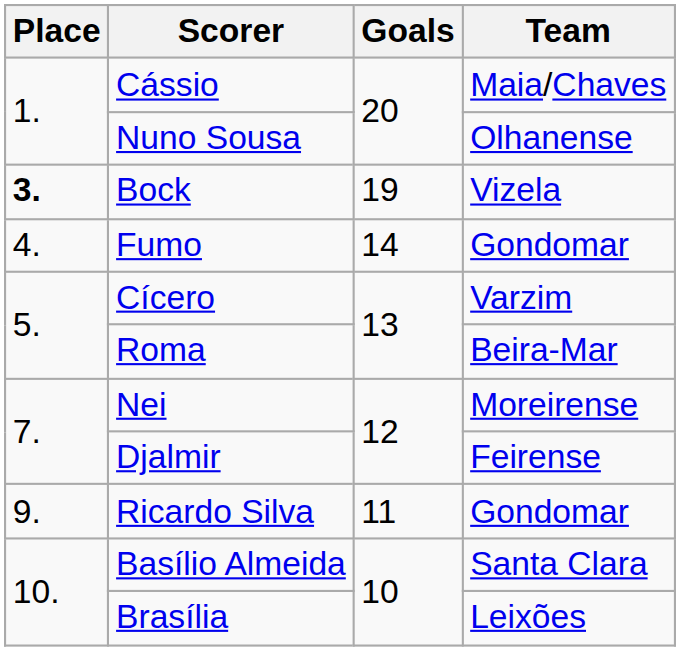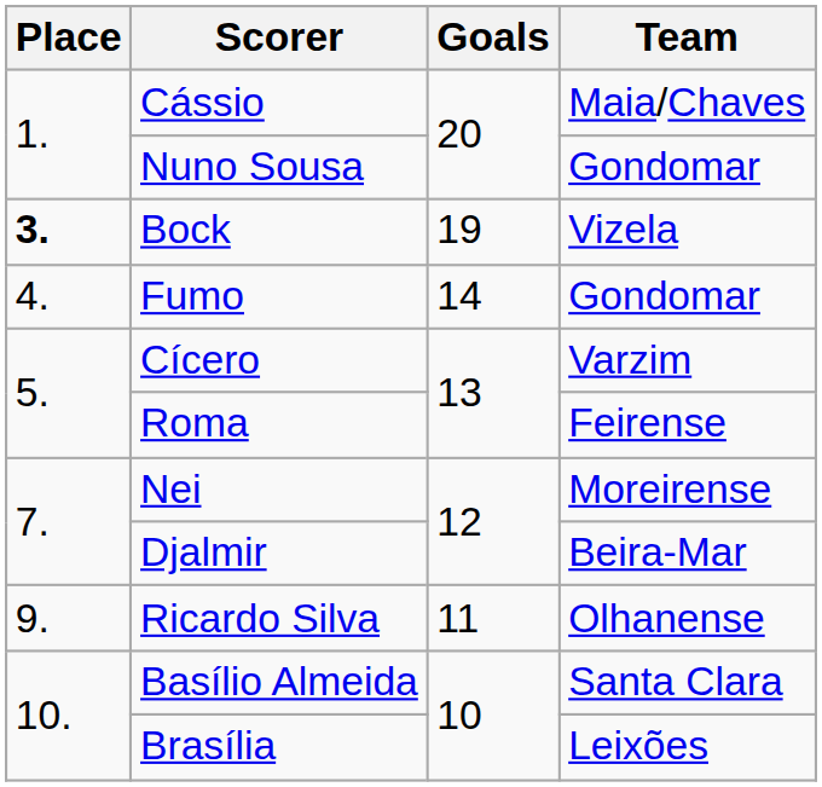 <table class="wikitable">
 <tr>
 <th>Place</th>
 <th>Scorer</th>
 <th>Goals</th>
 <th>Team</th>
 </tr>
 <tr>
 <td rowspan=2>1.</td>
 <td> <a href='#'>Cássio</a></td>
 <td rowspan=2>20</td>
 <td><a href='#'>Maia</a>/<a href='#'>Chaves</a></td>
 </tr>
 <tr>
 <td> <a href='#'>Nuno Sousa</a></td>
-<td><a href='#'>Olhanense</a></td>
+<td><a href='#'>Gondomar</a></td>
 </tr>
 <tr>
 <td><strong>3.</strong></td>
 <td> <a href='#'>Bock</a></td>
 <td>19</td>
 <td><a href='#'>Vizela</a></td>
 </tr>
 <tr>
 <td>4.</td>
 <td> <a href='#'>Fumo</a></td>
 <td>14</td>
 <td><a href='#'>Gondomar</a></td>
 </tr>
 <tr>
 <td rowspan=2>5.</td>
 <td> <a href='#'>Cícero</a></td>
 <td rowspan=2>13</td>
 <td><a href='#'>Varzim</a></td>
 </tr>
 <tr>
 <td> <a href='#'>Roma</a></td>
-<td><a href='#'>Beira-Mar</a></td>
+<td><a href='#'>Feirense</a></td>
 </tr>
 <tr>
 <td rowspan=2>7.</td>
 <td> <a href='#'>Nei</a></td>
 <td rowspan=2>12</td>
 <td><a href='#'>Moreirense</a></td>
 </tr>
 <tr>
 <td> <a href='#'>Djalmir</a></td>
-<td><a href='#'>Feirense</a></td>
+<td><a href='#'>Beira-Mar</a></td>
 </tr>
 <tr>
 <td>9.</td>
 <td> <a href='#'>Ricardo Silva</a></td>
 <td>11</td>
-<td><a href='#'>Gondomar</a></td>
+<td><a href='#'>Olhanense</a></td>
 </tr>
 <tr>
 <td rowspan=2>10.</td>
 <td> <a href='#'>Basílio Almeida</a></td>
 <td rowspan=2>10</td>
 <td><a href='#'>Santa Clara</a></td>
 </tr>
 <tr>
 <td> <a href='#'>Brasília</a></td>
 <td><a href='#'>Leixões</a></td>
 </tr>
 </table>
